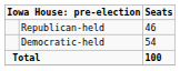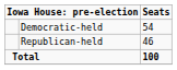 <table class="wikitable">
 <tr>
 <td colspan="2" rowspan="1" align="center" valign="top"><strong>Iowa House: pre-election</strong></td>
 <td style="vertical-align:top;"><strong>Seats</strong><br></td>
 </tr>
 <tr>
 <td style="background-color:"> </td>
-<td>Republican-held</td>
-<td>46</td>
+<td>Democratic-held</td>
+<td>54</td>
 </tr>
 <tr>
 <td style="background-color:"> </td>
-<td>Democratic-held</td>
-<td>54</td>
+<td>Republican-held</td>
+<td>46</td>
 </tr>
 <tr>
 <td colspan="2" rowspan="1"> <strong>Total</strong><br></td>
 <td><strong>100</strong></td>
 </tr>
 <tr>
 </tr>
 </table>
